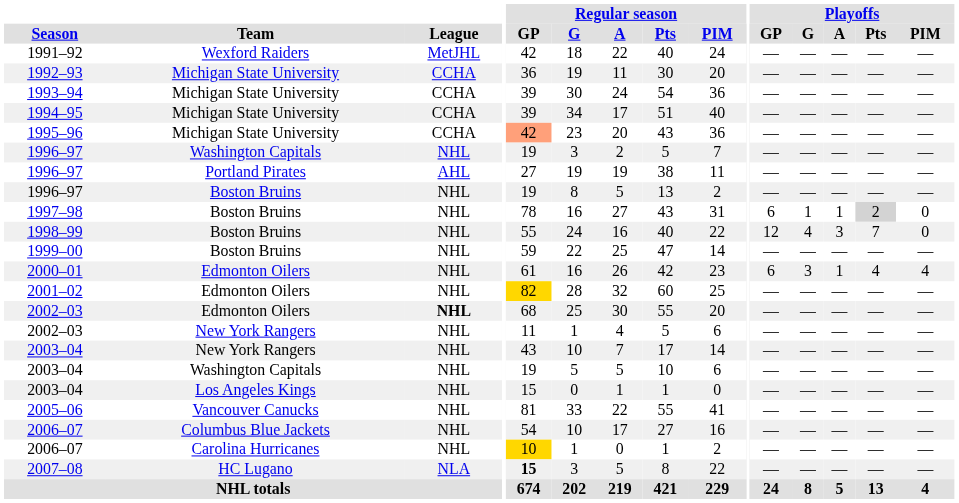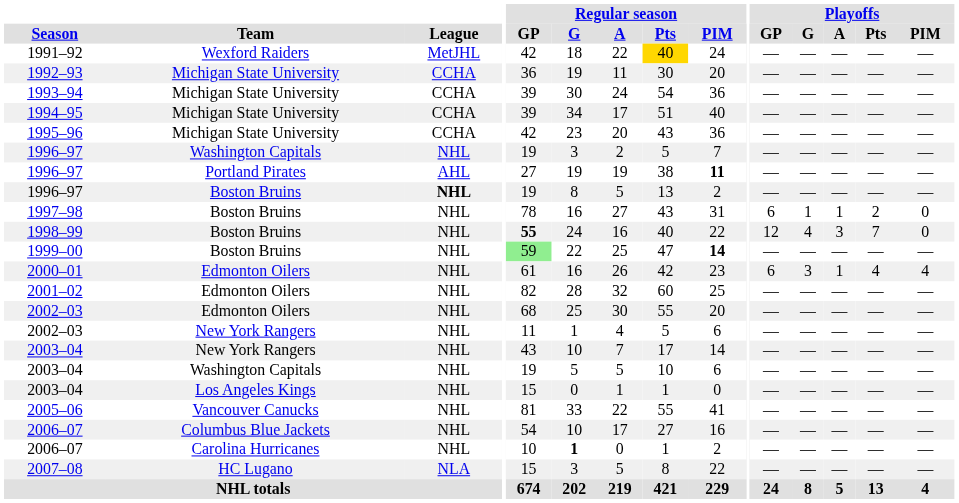 <table border="0" cellpadding="1" cellspacing="0" style="text-align:center; width:60em">
 <tr bgcolor="#e0e0e0">
 <th colspan="3" bgcolor="#ffffff"></th>
 <th rowspan="100" bgcolor="#ffffff"></th>
 <th colspan="5"><a href='#'>Regular season</a></th>
 <th rowspan="100" bgcolor="#ffffff"></th>
 <th colspan="5"><a href='#'>Playoffs</a></th>
 </tr>
 <tr bgcolor="#e0e0e0">
 <th><a href='#'>Season</a></th>
 <th>Team</th>
 <th>League</th>
 <th>GP</th>
 <th><a href='#'>G</a></th>
 <th><a href='#'>A</a></th>
 <th><a href='#'>Pts</a></th>
 <th><a href='#'>PIM</a></th>
 <th>GP</th>
 <th>G</th>
 <th>A</th>
 <th>Pts</th>
 <th>PIM</th>
 </tr>
 <tr>
 <td>1991–92</td>
 <td><a href='#'>Wexford Raiders</a></td>
 <td><a href='#'>MetJHL</a></td>
 <td>42</td>
 <td>18</td>
 <td>22</td>
-<td>40</td>
+<td style="background: gold;">40</td>
 <td>24</td>
 <td>—</td>
 <td>—</td>
 <td>—</td>
 <td>—</td>
 <td>—</td>
 </tr>
 <tr bgcolor="#f0f0f0">
 <td><a href='#'>1992–93</a></td>
 <td><a href='#'>Michigan State University</a></td>
 <td><a href='#'>CCHA</a></td>
 <td>36</td>
 <td>19</td>
 <td>11</td>
 <td>30</td>
 <td>20</td>
 <td>—</td>
 <td>—</td>
 <td>—</td>
 <td>—</td>
 <td>—</td>
 </tr>
 <tr>
 <td><a href='#'>1993–94</a></td>
 <td>Michigan State University</td>
 <td>CCHA</td>
 <td>39</td>
 <td>30</td>
 <td>24</td>
 <td>54</td>
 <td>36</td>
 <td>—</td>
 <td>—</td>
 <td>—</td>
 <td>—</td>
 <td>—</td>
 </tr>
 <tr bgcolor="#f0f0f0">
 <td><a href='#'>1994–95</a></td>
 <td>Michigan State University</td>
 <td>CCHA</td>
 <td>39</td>
 <td>34</td>
 <td>17</td>
 <td>51</td>
 <td>40</td>
 <td>—</td>
 <td>—</td>
 <td>—</td>
 <td>—</td>
 <td>—</td>
 </tr>
 <tr>
 <td><a href='#'>1995–96</a></td>
 <td>Michigan State University</td>
 <td>CCHA</td>
-<td style="background: lightsalmon;">42</td>
+<td>42</td>
 <td>23</td>
 <td>20</td>
 <td>43</td>
 <td>36</td>
 <td>—</td>
 <td>—</td>
 <td>—</td>
 <td>—</td>
 <td>—</td>
 </tr>
 <tr bgcolor="#f0f0f0">
 <td><a href='#'>1996–97</a></td>
 <td><a href='#'>Washington Capitals</a></td>
 <td><a href='#'>NHL</a></td>
 <td>19</td>
 <td>3</td>
 <td>2</td>
 <td>5</td>
 <td>7</td>
 <td>—</td>
 <td>—</td>
 <td>—</td>
 <td>—</td>
 <td>—</td>
 </tr>
 <tr>
 <td><a href='#'>1996–97</a></td>
 <td><a href='#'>Portland Pirates</a></td>
 <td><a href='#'>AHL</a></td>
 <td>27</td>
 <td>19</td>
 <td>19</td>
 <td>38</td>
-<td>11</td>
+<td><strong>11</strong></td>
 <td>—</td>
 <td>—</td>
 <td>—</td>
 <td>—</td>
 <td>—</td>
 </tr>
 <tr bgcolor="#f0f0f0">
 <td>1996–97</td>
 <td><a href='#'>Boston Bruins</a></td>
-<td>NHL</td>
+<td><strong>NHL</strong></td>
 <td>19</td>
 <td>8</td>
 <td>5</td>
 <td>13</td>
 <td>2</td>
 <td>—</td>
 <td>—</td>
 <td>—</td>
 <td>—</td>
 <td>—</td>
 </tr>
 <tr>
 <td><a href='#'>1997–98</a></td>
 <td>Boston Bruins</td>
 <td>NHL</td>
 <td>78</td>
 <td>16</td>
 <td>27</td>
 <td>43</td>
 <td>31</td>
 <td>6</td>
 <td>1</td>
 <td>1</td>
-<td style="background: lightgrey;">2</td>
+<td>2</td>
 <td>0</td>
 </tr>
 <tr bgcolor="#f0f0f0">
 <td><a href='#'>1998–99</a></td>
 <td>Boston Bruins</td>
 <td>NHL</td>
-<td>55</td>
+<td><strong>55</strong></td>
 <td>24</td>
 <td>16</td>
 <td>40</td>
 <td>22</td>
 <td>12</td>
 <td>4</td>
 <td>3</td>
 <td>7</td>
 <td>0</td>
 </tr>
 <tr>
 <td><a href='#'>1999–00</a></td>
 <td>Boston Bruins</td>
 <td>NHL</td>
-<td>59</td>
+<td style="background: lightgreen;">59</td>
 <td>22</td>
 <td>25</td>
 <td>47</td>
-<td>14</td>
+<td><strong>14</strong></td>
 <td>—</td>
 <td>—</td>
 <td>—</td>
 <td>—</td>
 <td>—</td>
 </tr>
 <tr bgcolor="#f0f0f0">
 <td><a href='#'>2000–01</a></td>
 <td><a href='#'>Edmonton Oilers</a></td>
 <td>NHL</td>
 <td>61</td>
 <td>16</td>
 <td>26</td>
 <td>42</td>
 <td>23</td>
 <td>6</td>
 <td>3</td>
 <td>1</td>
 <td>4</td>
 <td>4</td>
 </tr>
 <tr>
 <td><a href='#'>2001–02</a></td>
 <td>Edmonton Oilers</td>
 <td>NHL</td>
-<td style="background: gold;">82</td>
+<td>82</td>
 <td>28</td>
 <td>32</td>
 <td>60</td>
 <td>25</td>
 <td>—</td>
 <td>—</td>
 <td>—</td>
 <td>—</td>
 <td>—</td>
 </tr>
 <tr bgcolor="#f0f0f0">
 <td><a href='#'>2002–03</a></td>
 <td>Edmonton Oilers</td>
-<td><strong>NHL</strong></td>
+<td>NHL</td>
 <td>68</td>
 <td>25</td>
 <td>30</td>
 <td>55</td>
 <td>20</td>
 <td>—</td>
 <td>—</td>
 <td>—</td>
 <td>—</td>
 <td>—</td>
 </tr>
 <tr>
 <td>2002–03</td>
 <td><a href='#'>New York Rangers</a></td>
 <td>NHL</td>
 <td>11</td>
 <td>1</td>
 <td>4</td>
 <td>5</td>
 <td>6</td>
 <td>—</td>
 <td>—</td>
 <td>—</td>
 <td>—</td>
 <td>—</td>
 </tr>
 <tr bgcolor="#f0f0f0">
 <td><a href='#'>2003–04</a></td>
 <td>New York Rangers</td>
 <td>NHL</td>
 <td>43</td>
 <td>10</td>
 <td>7</td>
 <td>17</td>
 <td>14</td>
 <td>—</td>
 <td>—</td>
 <td>—</td>
 <td>—</td>
 <td>—</td>
 </tr>
 <tr>
 <td>2003–04</td>
 <td>Washington Capitals</td>
 <td>NHL</td>
 <td>19</td>
 <td>5</td>
 <td>5</td>
 <td>10</td>
 <td>6</td>
 <td>—</td>
 <td>—</td>
 <td>—</td>
 <td>—</td>
 <td>—</td>
 </tr>
 <tr bgcolor="#f0f0f0">
 <td>2003–04</td>
 <td><a href='#'>Los Angeles Kings</a></td>
 <td>NHL</td>
 <td>15</td>
 <td>0</td>
 <td>1</td>
 <td>1</td>
 <td>0</td>
 <td>—</td>
 <td>—</td>
 <td>—</td>
 <td>—</td>
 <td>—</td>
 </tr>
 <tr>
 <td><a href='#'>2005–06</a></td>
 <td><a href='#'>Vancouver Canucks</a></td>
 <td>NHL</td>
 <td>81</td>
 <td>33</td>
 <td>22</td>
 <td>55</td>
 <td>41</td>
 <td>—</td>
 <td>—</td>
 <td>—</td>
 <td>—</td>
 <td>—</td>
 </tr>
 <tr bgcolor="#f0f0f0">
 <td><a href='#'>2006–07</a></td>
 <td><a href='#'>Columbus Blue Jackets</a></td>
 <td>NHL</td>
 <td>54</td>
 <td>10</td>
 <td>17</td>
 <td>27</td>
 <td>16</td>
 <td>—</td>
 <td>—</td>
 <td>—</td>
 <td>—</td>
 <td>—</td>
 </tr>
 <tr>
 <td>2006–07</td>
 <td><a href='#'>Carolina Hurricanes</a></td>
 <td>NHL</td>
-<td style="background: gold;">10</td>
-<td>1</td>
+<td>10</td>
+<td><strong>1</strong></td>
 <td>0</td>
 <td>1</td>
 <td>2</td>
 <td>—</td>
 <td>—</td>
 <td>—</td>
 <td>—</td>
 <td>—</td>
 </tr>
 <tr bgcolor="#f0f0f0">
 <td><a href='#'>2007–08</a></td>
 <td><a href='#'>HC Lugano</a></td>
 <td><a href='#'>NLA</a></td>
-<td><strong>15</strong></td>
+<td>15</td>
 <td>3</td>
 <td>5</td>
 <td>8</td>
 <td>22</td>
 <td>—</td>
 <td>—</td>
 <td>—</td>
 <td>—</td>
 <td>—</td>
 </tr>
 <tr bgcolor="#e0e0e0">
 <th colspan="3">NHL totals</th>
 <th>674</th>
 <th>202</th>
 <th>219</th>
 <th>421</th>
 <th>229</th>
 <th>24</th>
 <th>8</th>
 <th>5</th>
 <th>13</th>
 <th>4</th>
 </tr>
 </table>
